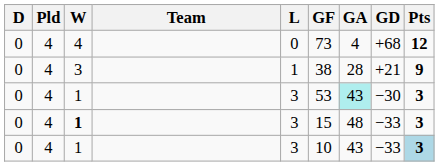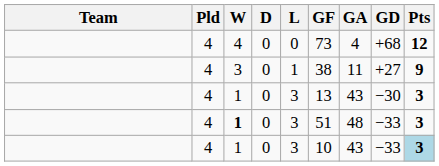 <table class="wikitable" style="text-align: center;">
 <tr>
-<th width="20">D</th>
+<th width="175">Team</th>
 <th width="20">Pld</th>
 <th width="20">W</th>
-<th width="175">Team</th>
+<th width="20">D</th>
 <th width="20">L</th>
 <th width="20">GF</th>
 <th width="20">GA</th>
 <th width="20">GD</th>
 <th width="20">Pts</th>
 </tr>
 <tr -bgcolor="#ccffcc">
-<td>0</td>
+<td align=left></td>
 <td>4</td>
 <td>4</td>
-<td align=left></td>
+<td>0</td>
 <td>0</td>
 <td>73</td>
 <td>4</td>
 <td>+68</td>
 <td><strong>12</strong></td>
 </tr>
 <tr -bgcolor="#ccffcc">
-<td>0</td>
+<td align=left></td>
 <td>4</td>
 <td>3</td>
-<td align=left></td>
+<td>0</td>
 <td>1</td>
 <td>38</td>
-<td>28</td>
-<td>+21</td>
+<td>11</td>
+<td>+27</td>
 <td><strong>9</strong></td>
 </tr>
 <tr>
-<td>0</td>
+<td align=left></td>
 <td>4</td>
 <td>1</td>
-<td align=left></td>
+<td>0</td>
 <td>3</td>
-<td>53</td>
-<td style="background: paleturquoise;">43</td>
+<td>13</td>
+<td>43</td>
 <td>−30</td>
 <td><strong>3</strong></td>
 </tr>
 <tr>
-<td>0</td>
+<td align=left></td>
 <td>4</td>
 <td><strong>1</strong></td>
-<td align=left></td>
+<td>0</td>
 <td>3</td>
-<td>15</td>
+<td>51</td>
 <td>48</td>
 <td>−33</td>
 <td><strong>3</strong></td>
 </tr>
 <tr>
-<td>0</td>
+<td align=left></td>
 <td>4</td>
 <td>1</td>
-<td align=left></td>
+<td>0</td>
 <td>3</td>
 <td>10</td>
 <td>43</td>
 <td>−33</td>
 <td style="background: lightblue;"><strong>3</strong></td>
 </tr>
 </table>
